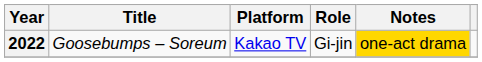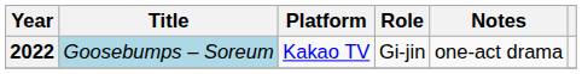 <table class="wikitable sortable plainrowheaders">
 <tr>
 <th scope="col">Year</th>
 <th scope="col">Title</th>
 <th scope="col">Platform</th>
 <th scope="col">Role</th>
 <th scope="col">Notes</th>
 <th scope="col" class="unsortable"></th>
 </tr>
 <tr>
 <th scope="row">2022</th>
-<td><em>Goosebumps – Soreum</em></td>
+<td style="background: lightblue;"><em>Goosebumps – Soreum</em></td>
 <td><a href='#'>Kakao TV</a></td>
 <td>Gi-jin</td>
-<td style="background: gold;">one-act drama</td>
+<td>one-act drama</td>
 <td></td>
 </tr>
 <tr>
 </tr>
 </table>
